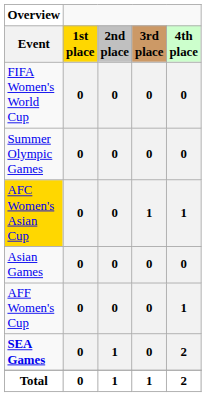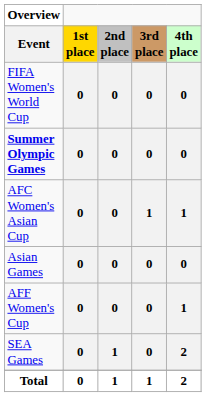 <table class="wikitable" style="width:30%; font-size:90%; text-align:center;">
 <tr>
 <th style="color:black; background:#FFFFFF; ">Overview</th>
 </tr>
 <tr>
 <th>Event</th>
 <th style="width:14%; background:gold;">1st place</th>
 <th style="width:14%; background:silver;">2nd place</th>
 <th style="width:14%; background:#c96;">3rd place</th>
 <th style="width:14%; background:#ccffcc;">4th place</th>
 </tr>
 <tr>
 <td align=left><a href='#'>FIFA Women's World Cup</a></td>
 <th>0</th>
 <th>0</th>
 <th>0</th>
 <th>0</th>
 </tr>
 <tr>
-<td align="left"><a href='#'>Summer Olympic Games</a></td>
+<td align="left"><strong><a href='#'>Summer Olympic Games</a></strong></td>
 <th>0</th>
 <th>0</th>
 <th>0</th>
 <th>0</th>
 </tr>
 <tr>
-<td align=left style="background: gold;"><a href='#'>AFC Women's Asian Cup</a></td>
+<td align=left><a href='#'>AFC Women's Asian Cup</a></td>
 <th>0</th>
 <th>0</th>
 <th>1</th>
 <th>1</th>
 </tr>
 <tr>
 <td align="left"><a href='#'>Asian Games</a></td>
 <th>0</th>
 <th>0</th>
 <th>0</th>
 <th>0</th>
 </tr>
 <tr>
 <td align="left"><a href='#'>AFF Women's Cup</a></td>
 <th>0</th>
 <th>0</th>
 <th>0</th>
 <th>1</th>
 </tr>
 <tr>
-<td align="left"><strong><a href='#'>SEA Games</a></strong></td>
+<td align="left"><a href='#'>SEA Games</a></td>
 <th>0</th>
 <th>1</th>
 <th>0</th>
 <th>2</th>
 </tr>
 <tr>
 </tr>
 <tr style="background:silver">
 <th style="color:black; background:#FFFFFF; ">Total</th>
 <th style="color:black; background:#FFFFFF; ">0</th>
 <th style="color:black; background:#FFFFFF; ">1</th>
 <th style="color:black; background:#FFFFFF; ">1</th>
 <th style="color:black; background:#FFFFFF; ">2</th>
 </tr>
 </table>
